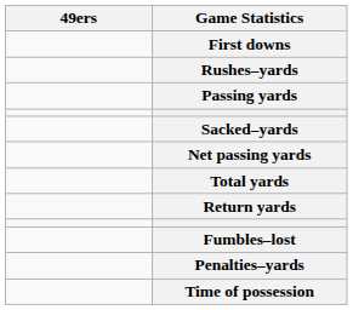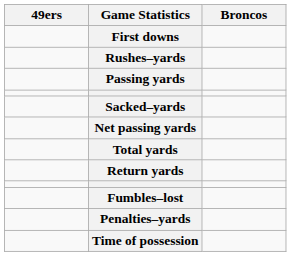 <table class="wikitable" style="margin: 1em auto 1em auto">
 <tr>
 <th style="width:30%;">49ers</th>
 <th style="width:40%;">Game Statistics</th>
+<th style="width:30%;">Broncos</th>
 </tr>
 <tr>
 <td style="text-align:right;"></td>
 <th>First downs</th>
+<td></td>
 </tr>
 <tr>
 <td style="text-align:right;"></td>
 <th>Rushes–yards</th>
+<td></td>
 </tr>
 <tr>
 <td style="text-align:right;"></td>
 <th>Passing yards</th>
+<td></td>
 </tr>
 <tr>
 <td style="text-align:right;"></td>
 <th></th>
+<td></td>
 </tr>
 <tr>
 <td style="text-align:right;"></td>
 <th>Sacked–yards</th>
+<td></td>
 </tr>
 <tr>
 <td style="text-align:right;"></td>
 <th>Net passing yards</th>
+<td></td>
 </tr>
 <tr>
 <td style="text-align:right;"></td>
 <th>Total yards</th>
+<td></td>
 </tr>
 <tr>
 <td style="text-align:right;"></td>
 <th>Return yards</th>
+<td></td>
 </tr>
 <tr>
 <td style="text-align:right;"></td>
 <th></th>
+<td></td>
 </tr>
 <tr>
 <td style="text-align:right;"></td>
 <th>Fumbles–lost</th>
+<td></td>
 </tr>
 <tr>
 <td style="text-align:right;"></td>
 <th>Penalties–yards</th>
+<td></td>
 </tr>
 <tr>
 <td style="text-align:right;"></td>
 <th>Time of possession</th>
+<td></td>
 </tr>
 </table>
